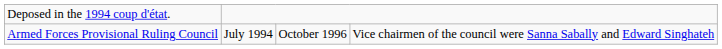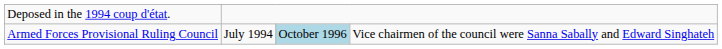 <table class="wikitable">
 <tr>
 <td>Deposed in the <a href='#'>1994 coup d'état</a>.</td>
 </tr>
 <tr>
 <td><a href='#'>Armed Forces Provisional Ruling Council</a></td>
 <td>July 1994</td>
-<td>October 1996</td>
+<td style="background: lightblue;">October 1996</td>
 <td>Vice chairmen of the council were <a href='#'>Sanna Sabally</a> and <a href='#'>Edward Singhateh</a></td>
 </tr>
 </table>
